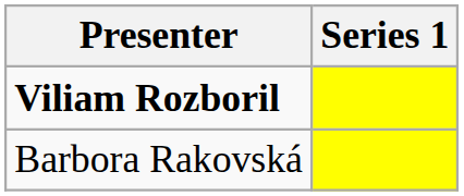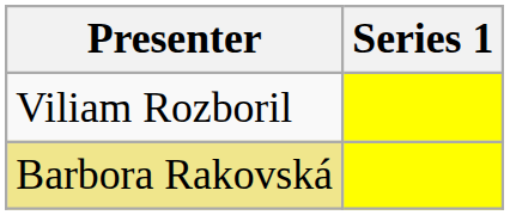 <table class="wikitable">
 <tr>
 <th>Presenter</th>
 <th>Series 1</th>
 </tr>
 <tr>
-<td><strong>Viliam Rozboril</strong></td>
+<td>Viliam Rozboril</td>
 <td colspan="4" style="text-align:center; background:yellow;"></td>
 </tr>
 <tr>
-<td>Barbora Rakovská</td>
+<td style="background: khaki;">Barbora Rakovská</td>
 <td colspan="4" style="text-align:center; background:yellow;"></td>
 </tr>
 </table>
